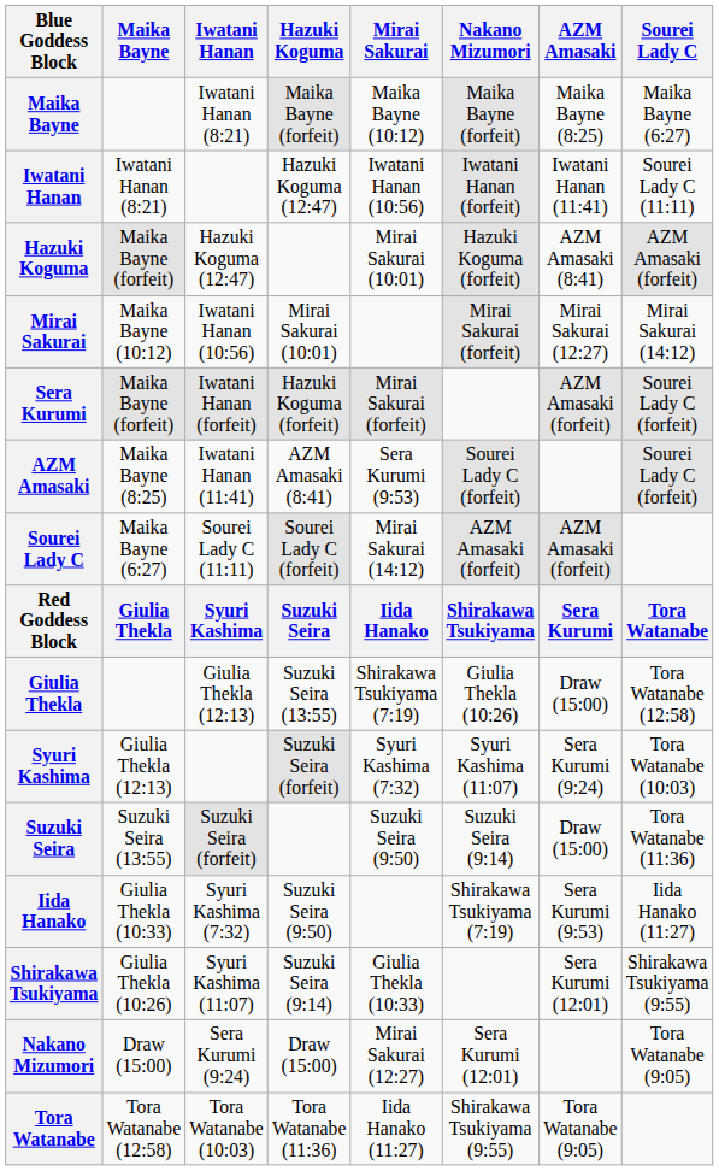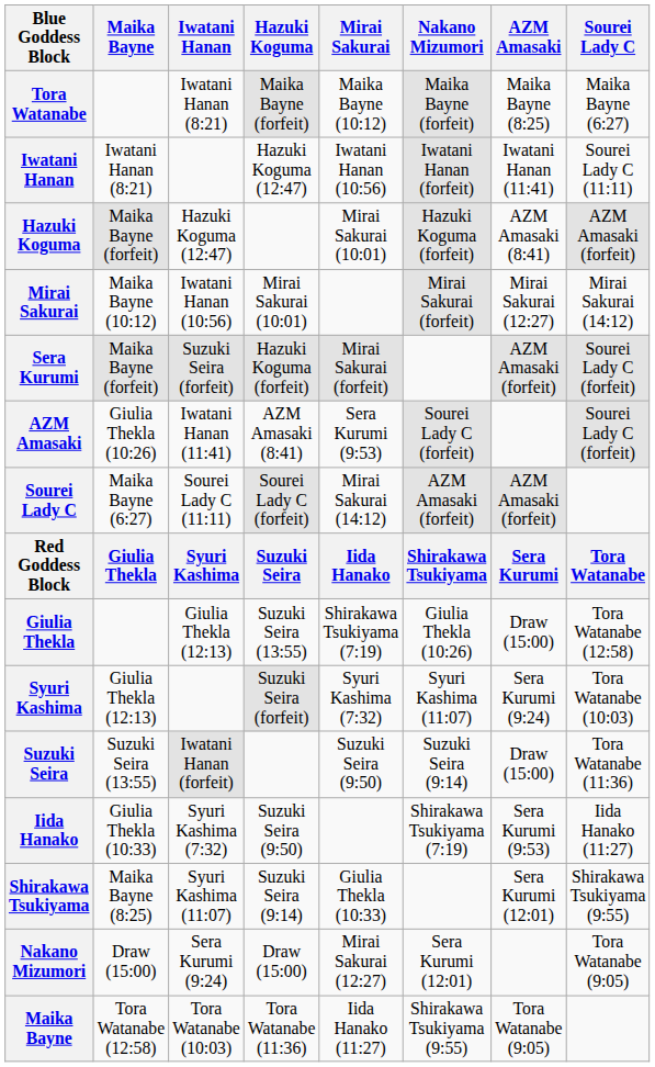 <table class="wikitable" style="text-align:center; margin: 1em auto 1em auto;" width="25%">
 <tr>
 <th>Blue Goddess Block</th>
 <th><a href='#'>Maika</a><br><a href='#'>Bayne</a></th>
 <th><a href='#'>Iwatani</a><br><a href='#'>Hanan</a></th>
 <th><a href='#'>Hazuki</a><br><a href='#'>Koguma</a></th>
 <th><a href='#'>Mirai</a><br> <a href='#'>Sakurai</a></th>
 <th><a href='#'>Nakano</a><br><a href='#'>Mizumori</a></th>
 <th><a href='#'>AZM</a><br><a href='#'>Amasaki</a></th>
 <th><a href='#'>Sourei</a><br><a href='#'>Lady C</a></th>
 </tr>
 <tr>
-<th><a href='#'>Maika</a><br><a href='#'>Bayne</a></th>
+<th><a href='#'>Tora</a><br><a href='#'>Watanabe</a></th>
 <td></td>
 <td>Iwatani<br>Hanan<br>(8:21)</td>
 <td style="background-color:#e3e3e3">Maika<br>Bayne<br>(forfeit)</td>
 <td>Maika<br>Bayne<br>(10:12)</td>
 <td style="background-color:#e3e3e3">Maika<br>Bayne<br>(forfeit)</td>
 <td>Maika<br>Bayne<br>(8:25)</td>
 <td>Maika<br>Bayne<br>(6:27)</td>
 </tr>
 <tr>
 <th><a href='#'>Iwatani</a><br><a href='#'>Hanan</a></th>
 <td>Iwatani<br>Hanan<br>(8:21)</td>
 <td></td>
 <td>Hazuki<br>Koguma<br>(12:47)</td>
 <td>Iwatani<br>Hanan<br>(10:56)</td>
 <td style="background-color:#e3e3e3">Iwatani<br>Hanan<br>(forfeit)</td>
 <td>Iwatani<br>Hanan<br>(11:41)</td>
 <td>Sourei<br>Lady C<br>(11:11)</td>
 </tr>
 <tr>
 <th><a href='#'>Hazuki</a><br><a href='#'>Koguma</a></th>
 <td style="background-color:#e3e3e3">Maika<br>Bayne<br>(forfeit)</td>
 <td>Hazuki<br>Koguma<br>(12:47)</td>
 <td></td>
 <td>Mirai<br>Sakurai<br>(10:01)</td>
 <td style="background-color:#e3e3e3">Hazuki<br>Koguma<br>(forfeit)</td>
 <td>AZM<br>Amasaki<br>(8:41)</td>
 <td style="background-color:#e3e3e3">AZM<br>Amasaki<br>(forfeit)</td>
 </tr>
 <tr>
 <th><a href='#'>Mirai</a><br><a href='#'>Sakurai</a></th>
 <td>Maika<br>Bayne<br>(10:12)</td>
 <td>Iwatani<br>Hanan<br>(10:56)</td>
 <td>Mirai<br>Sakurai<br>(10:01)</td>
 <td></td>
 <td style="background-color:#e3e3e3">Mirai<br>Sakurai<br>(forfeit)</td>
 <td>Mirai<br>Sakurai<br>(12:27)</td>
 <td>Mirai<br>Sakurai<br>(14:12)</td>
 </tr>
 <tr>
 <th><a href='#'>Sera</a><br><a href='#'>Kurumi</a></th>
 <td style="background-color:#e3e3e3">Maika<br>Bayne<br>(forfeit)</td>
-<td style="background-color:#e3e3e3">Iwatani<br>Hanan<br>(forfeit)</td>
+<td style="background-color:#e3e3e3">Suzuki<br>Seira<br>(forfeit)</td>
 <td style="background-color:#e3e3e3">Hazuki<br>Koguma<br>(forfeit)</td>
 <td style="background-color:#e3e3e3">Mirai<br>Sakurai<br>(forfeit)</td>
 <td></td>
 <td style="background-color:#e3e3e3">AZM<br>Amasaki<br>(forfeit)</td>
 <td style="background-color:#e3e3e3">Sourei<br>Lady C<br>(forfeit)</td>
 </tr>
 <tr>
 <th><a href='#'>AZM</a><br><a href='#'>Amasaki</a></th>
-<td>Maika<br>Bayne<br>(8:25)</td>
+<td>Giulia<br>Thekla<br>(10:26)</td>
 <td>Iwatani<br>Hanan<br>(11:41)</td>
 <td>AZM<br>Amasaki<br>(8:41)</td>
 <td>Sera<br>Kurumi<br>(9:53)</td>
 <td style="background-color:#e3e3e3">Sourei<br>Lady C<br>(forfeit)</td>
 <td></td>
 <td style="background-color:#e3e3e3">Sourei<br>Lady C (forfeit)</td>
 </tr>
 <tr>
 <th><a href='#'>Sourei</a><br><a href='#'>Lady C</a></th>
 <td>Maika<br>Bayne<br>(6:27)</td>
 <td>Sourei<br>Lady C<br>(11:11)</td>
 <td style="background-color:#e3e3e3">Sourei<br>Lady C (forfeit)</td>
 <td>Mirai<br>Sakurai<br>(14:12)</td>
 <td style="background-color:#e3e3e3">AZM<br>Amasaki<br>(forfeit)</td>
 <td style="background-color:#e3e3e3">AZM<br>Amasaki<br>(forfeit)</td>
 <td></td>
 </tr>
 <tr>
 <th>Red Goddess Block</th>
 <th><a href='#'>Giulia</a><br><a href='#'>Thekla</a></th>
 <th><a href='#'>Syuri</a><br><a href='#'>Kashima</a></th>
 <th><a href='#'>Suzuki</a><br><a href='#'>Seira</a></th>
 <th><a href='#'>Iida</a><br><a href='#'>Hanako</a></th>
 <th><a href='#'>Shirakawa</a><br><a href='#'>Tsukiyama</a></th>
 <th><a href='#'>Sera</a><br><a href='#'>Kurumi</a></th>
 <th><a href='#'>Tora</a><br><a href='#'>Watanabe</a></th>
 </tr>
 <tr>
 <th><a href='#'>Giulia</a><br><a href='#'>Thekla</a></th>
 <td></td>
 <td>Giulia<br>Thekla<br>(12:13)</td>
 <td>Suzuki<br>Seira<br>(13:55)</td>
 <td>Shirakawa<br>Tsukiyama<br>(7:19)</td>
 <td>Giulia<br>Thekla<br>(10:26)</td>
 <td>Draw<br>(15:00)</td>
 <td>Tora<br>Watanabe<br>(12:58)</td>
 </tr>
 <tr>
 <th><a href='#'>Syuri</a><br><a href='#'>Kashima</a></th>
 <td>Giulia<br>Thekla<br>(12:13)</td>
 <td></td>
 <td style="background-color:#e3e3e3">Suzuki<br>Seira<br>(forfeit)</td>
 <td>Syuri<br>Kashima<br>(7:32)</td>
 <td>Syuri<br>Kashima<br>(11:07)</td>
 <td>Sera<br>Kurumi<br>(9:24)</td>
 <td>Tora<br>Watanabe<br>(10:03)</td>
 </tr>
 <tr>
 <th><a href='#'>Suzuki</a><br><a href='#'>Seira</a></th>
 <td>Suzuki<br>Seira<br>(13:55)</td>
-<td style="background-color:#e3e3e3">Suzuki<br>Seira<br>(forfeit)</td>
+<td style="background-color:#e3e3e3">Iwatani<br>Hanan<br>(forfeit)</td>
 <td></td>
 <td>Suzuki<br>Seira<br>(9:50)</td>
 <td>Suzuki<br>Seira<br>(9:14)</td>
 <td>Draw<br>(15:00)</td>
 <td>Tora<br>Watanabe<br>(11:36)</td>
 </tr>
 <tr>
 <th><a href='#'>Iida</a><br><a href='#'>Hanako</a></th>
 <td>Giulia<br>Thekla<br>(10:33)</td>
 <td>Syuri<br>Kashima<br>(7:32)</td>
 <td>Suzuki<br>Seira<br>(9:50)</td>
 <td></td>
 <td>Shirakawa<br>Tsukiyama<br>(7:19)</td>
 <td>Sera<br>Kurumi<br>(9:53)</td>
 <td>Iida<br>Hanako<br>(11:27)</td>
 </tr>
 <tr>
 <th><a href='#'>Shirakawa</a><br><a href='#'>Tsukiyama</a></th>
-<td>Giulia<br>Thekla<br>(10:26)</td>
+<td>Maika<br>Bayne<br>(8:25)</td>
 <td>Syuri<br>Kashima<br>(11:07)</td>
 <td>Suzuki<br>Seira<br>(9:14)</td>
 <td>Giulia<br>Thekla<br>(10:33)</td>
 <td></td>
 <td>Sera<br>Kurumi<br>(12:01)</td>
 <td>Shirakawa<br>Tsukiyama<br>(9:55)</td>
 </tr>
 <tr>
 <th><a href='#'>Nakano</a><br><a href='#'>Mizumori</a></th>
 <td>Draw<br>(15:00)</td>
 <td>Sera<br>Kurumi<br>(9:24)</td>
 <td>Draw<br>(15:00)</td>
 <td>Mirai<br>Sakurai<br>(12:27)</td>
 <td>Sera<br>Kurumi<br>(12:01)</td>
 <td></td>
 <td>Tora<br>Watanabe<br>(9:05)</td>
 </tr>
 <tr>
-<th><a href='#'>Tora</a><br><a href='#'>Watanabe</a></th>
+<th><a href='#'>Maika</a><br><a href='#'>Bayne</a></th>
 <td>Tora<br>Watanabe<br>(12:58)</td>
 <td>Tora<br>Watanabe<br>(10:03)</td>
 <td>Tora<br>Watanabe<br>(11:36)</td>
 <td>Iida<br>Hanako<br>(11:27)</td>
 <td>Shirakawa<br>Tsukiyama<br>(9:55)</td>
 <td>Tora<br>Watanabe<br>(9:05)</td>
 <td></td>
 </tr>
 </table>
